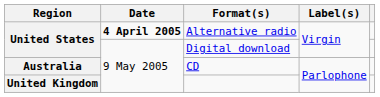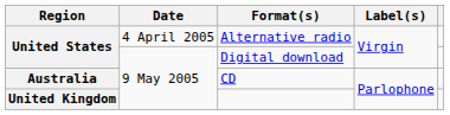 <table class="wikitable plainrowheaders">
 <tr>
 <th scope="col">Region</th>
 <th scope="col">Date</th>
 <th scope="col">Format(s)</th>
 <th scope="col">Label(s)</th>
 <th scope="col"></th>
 </tr>
 <tr>
 <th scope="row" rowspan="2">United States</th>
-<td><strong>4 April 2005</strong></td>
+<td>4 April 2005</td>
 <td><a href='#'>Alternative radio</a></td>
 <td rowspan="2"><a href='#'>Virgin</a></td>
 <td></td>
 </tr>
 <tr>
 <td rowspan="3">9 May 2005</td>
 <td><a href='#'>Digital download</a></td>
 <td></td>
 </tr>
 <tr>
 <th scope="row">Australia</th>
 <td><a href='#'>CD</a></td>
 <td rowspan="2"><a href='#'>Parlophone</a></td>
 <td></td>
 </tr>
 <tr>
 <th scope="row">United Kingdom</th>
 <td></td>
 <td></td>
 </tr>
 </table>
